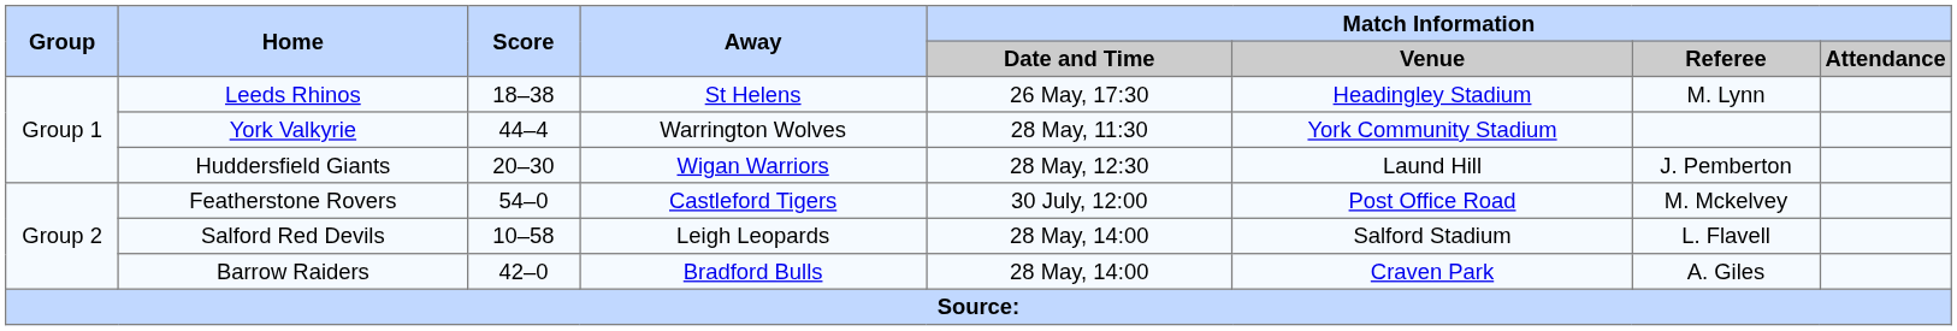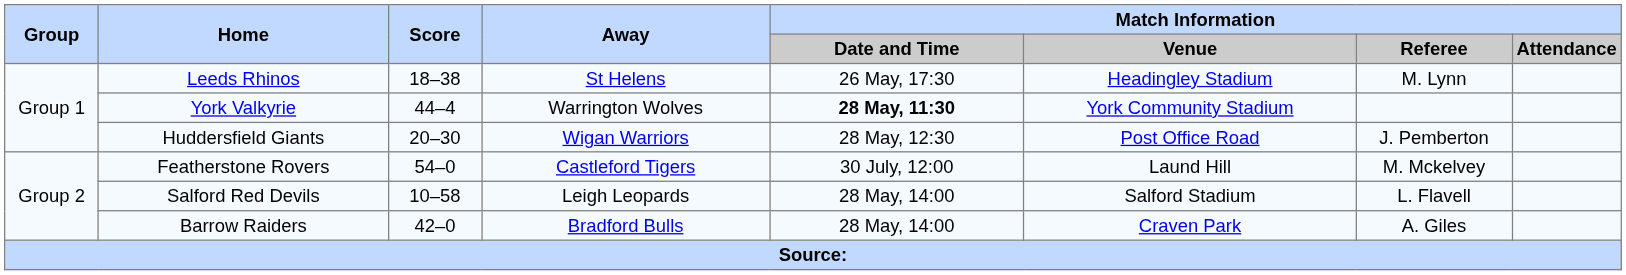 <table border=1 style="border-collapse:collapse; font-size:90%; text-align:center;" cellpadding=3 cellspacing=0 width=100%>
 <tr bgcolor=#C1D8FF>
 <th scope="col" rowspan=2 width=6%>Group</th>
 <th scope="col" rowspan=2 width=19%>Home</th>
 <th scope="col" rowspan=2 width=6%>Score</th>
 <th scope="col" rowspan=2 width=19%>Away</th>
 <th colspan=4>Match Information</th>
 </tr>
 <tr bgcolor=#CCCCCC>
 <th scope="col" width=17%>Date and Time</th>
 <th scope="col" width=22%>Venue</th>
 <th scope="col" width=10%>Referee</th>
 <th scope="col" width=7%>Attendance</th>
 </tr>
 <tr bgcolor=#F5FAFF>
 <td rowspan=3>Group 1</td>
 <td> <a href='#'>Leeds Rhinos</a></td>
 <td>18–38</td>
 <td> <a href='#'>St Helens</a></td>
 <td>26 May, 17:30</td>
 <td><a href='#'>Headingley Stadium</a></td>
 <td>M. Lynn</td>
 <td></td>
 </tr>
 <tr bgcolor=#F5FAFF>
 <td> <a href='#'>York Valkyrie</a></td>
 <td>44–4</td>
 <td> Warrington Wolves</td>
-<td>28 May, 11:30</td>
+<td><strong>28 May, 11:30</strong></td>
 <td><a href='#'>York Community Stadium</a></td>
 <td></td>
 <td></td>
 </tr>
 <tr bgcolor=#F5FAFF>
 <td> Huddersfield Giants</td>
 <td>20–30</td>
 <td> <a href='#'>Wigan Warriors</a></td>
 <td>28 May, 12:30</td>
-<td>Laund Hill</td>
+<td><a href='#'>Post Office Road</a></td>
 <td>J. Pemberton</td>
 <td></td>
 </tr>
 <tr bgcolor=#F5FAFF>
 <td rowspan=3>Group 2</td>
 <td> Featherstone Rovers</td>
 <td>54–0</td>
 <td> <a href='#'>Castleford Tigers</a></td>
 <td>30 July, 12:00</td>
-<td><a href='#'>Post Office Road</a></td>
+<td>Laund Hill</td>
 <td>M. Mckelvey</td>
 <td></td>
 </tr>
 <tr bgcolor=#F5FAFF>
 <td> Salford Red Devils</td>
 <td>10–58</td>
 <td> Leigh Leopards</td>
 <td>28 May, 14:00</td>
 <td>Salford Stadium</td>
 <td>L. Flavell</td>
 <td></td>
 </tr>
 <tr bgcolor=#F5FAFF>
 <td> Barrow Raiders</td>
 <td>42–0</td>
 <td> <a href='#'>Bradford Bulls</a></td>
 <td>28 May, 14:00</td>
 <td><a href='#'>Craven Park</a></td>
 <td>A. Giles</td>
 <td></td>
 </tr>
 <tr style="background:#c1d8ff;">
 <th colspan=8>Source:</th>
 </tr>
 </table>
